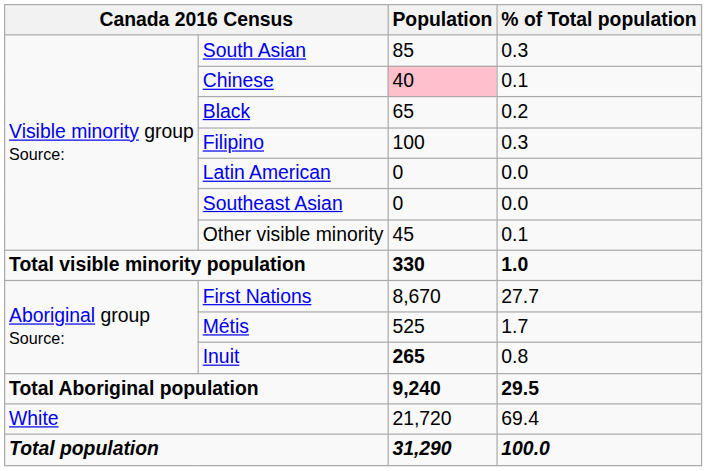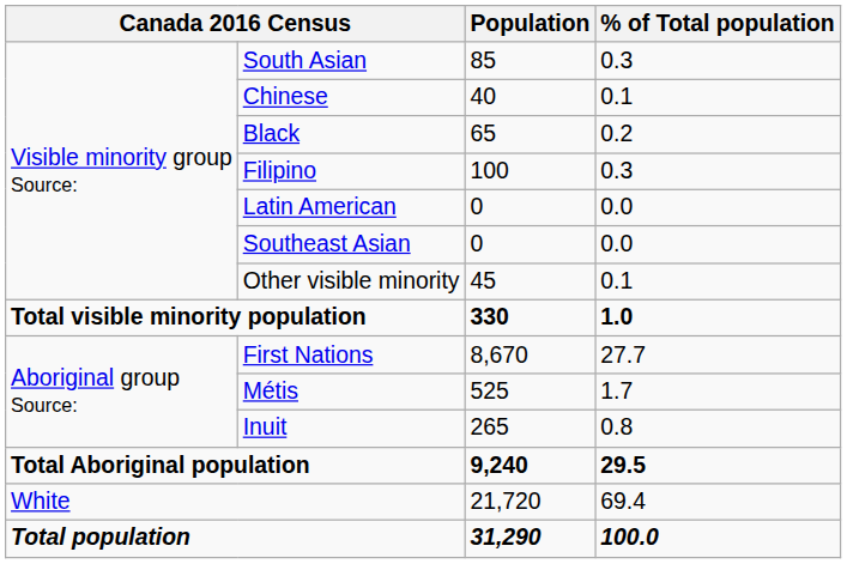 <table class="wikitable">
 <tr>
 <th colspan="2">Canada 2016 Census</th>
 <th>Population</th>
 <th>% of Total population</th>
 </tr>
 <tr>
 <td rowspan="7"><a href='#'>Visible minority</a> group<br><small>Source:</small></td>
 <td><a href='#'>South Asian</a></td>
 <td>85</td>
 <td>0.3</td>
 </tr>
 <tr>
 <td><a href='#'>Chinese</a></td>
-<td style="background: pink;">40</td>
+<td>40</td>
 <td>0.1</td>
 </tr>
 <tr>
 <td><a href='#'>Black</a></td>
 <td>65</td>
 <td>0.2</td>
 </tr>
 <tr>
 <td><a href='#'>Filipino</a></td>
 <td>100</td>
 <td>0.3</td>
 </tr>
 <tr>
 <td><a href='#'>Latin American</a></td>
 <td>0</td>
 <td>0.0</td>
 </tr>
 <tr>
 <td><a href='#'>Southeast Asian</a></td>
 <td>0</td>
 <td>0.0</td>
 </tr>
 <tr>
 <td>Other visible minority</td>
 <td>45</td>
 <td>0.1</td>
 </tr>
 <tr>
 <td colspan="2"><strong>Total visible minority population</strong></td>
 <td><strong>330</strong></td>
 <td><strong>1.0</strong></td>
 </tr>
 <tr>
 <td rowspan="3"><a href='#'>Aboriginal</a> group<br><small>Source:</small></td>
 <td><a href='#'>First Nations</a></td>
 <td>8,670</td>
 <td>27.7</td>
 </tr>
 <tr>
 <td><a href='#'>Métis</a></td>
 <td>525</td>
 <td>1.7</td>
 </tr>
 <tr>
 <td><a href='#'>Inuit</a></td>
-<td><strong>265</strong></td>
+<td>265</td>
 <td>0.8</td>
 </tr>
 <tr>
 <td colspan="2"><strong>Total Aboriginal population</strong></td>
 <td><strong>9,240</strong></td>
 <td><strong>29.5</strong></td>
 </tr>
 <tr>
 <td colspan="2"><a href='#'>White</a></td>
 <td>21,720</td>
 <td>69.4</td>
 </tr>
 <tr>
 <td colspan="2"><strong><em>Total population</em></strong></td>
 <td><strong><em>31,290</em></strong></td>
 <td><strong><em>100.0</em></strong></td>
 </tr>
 </table>
